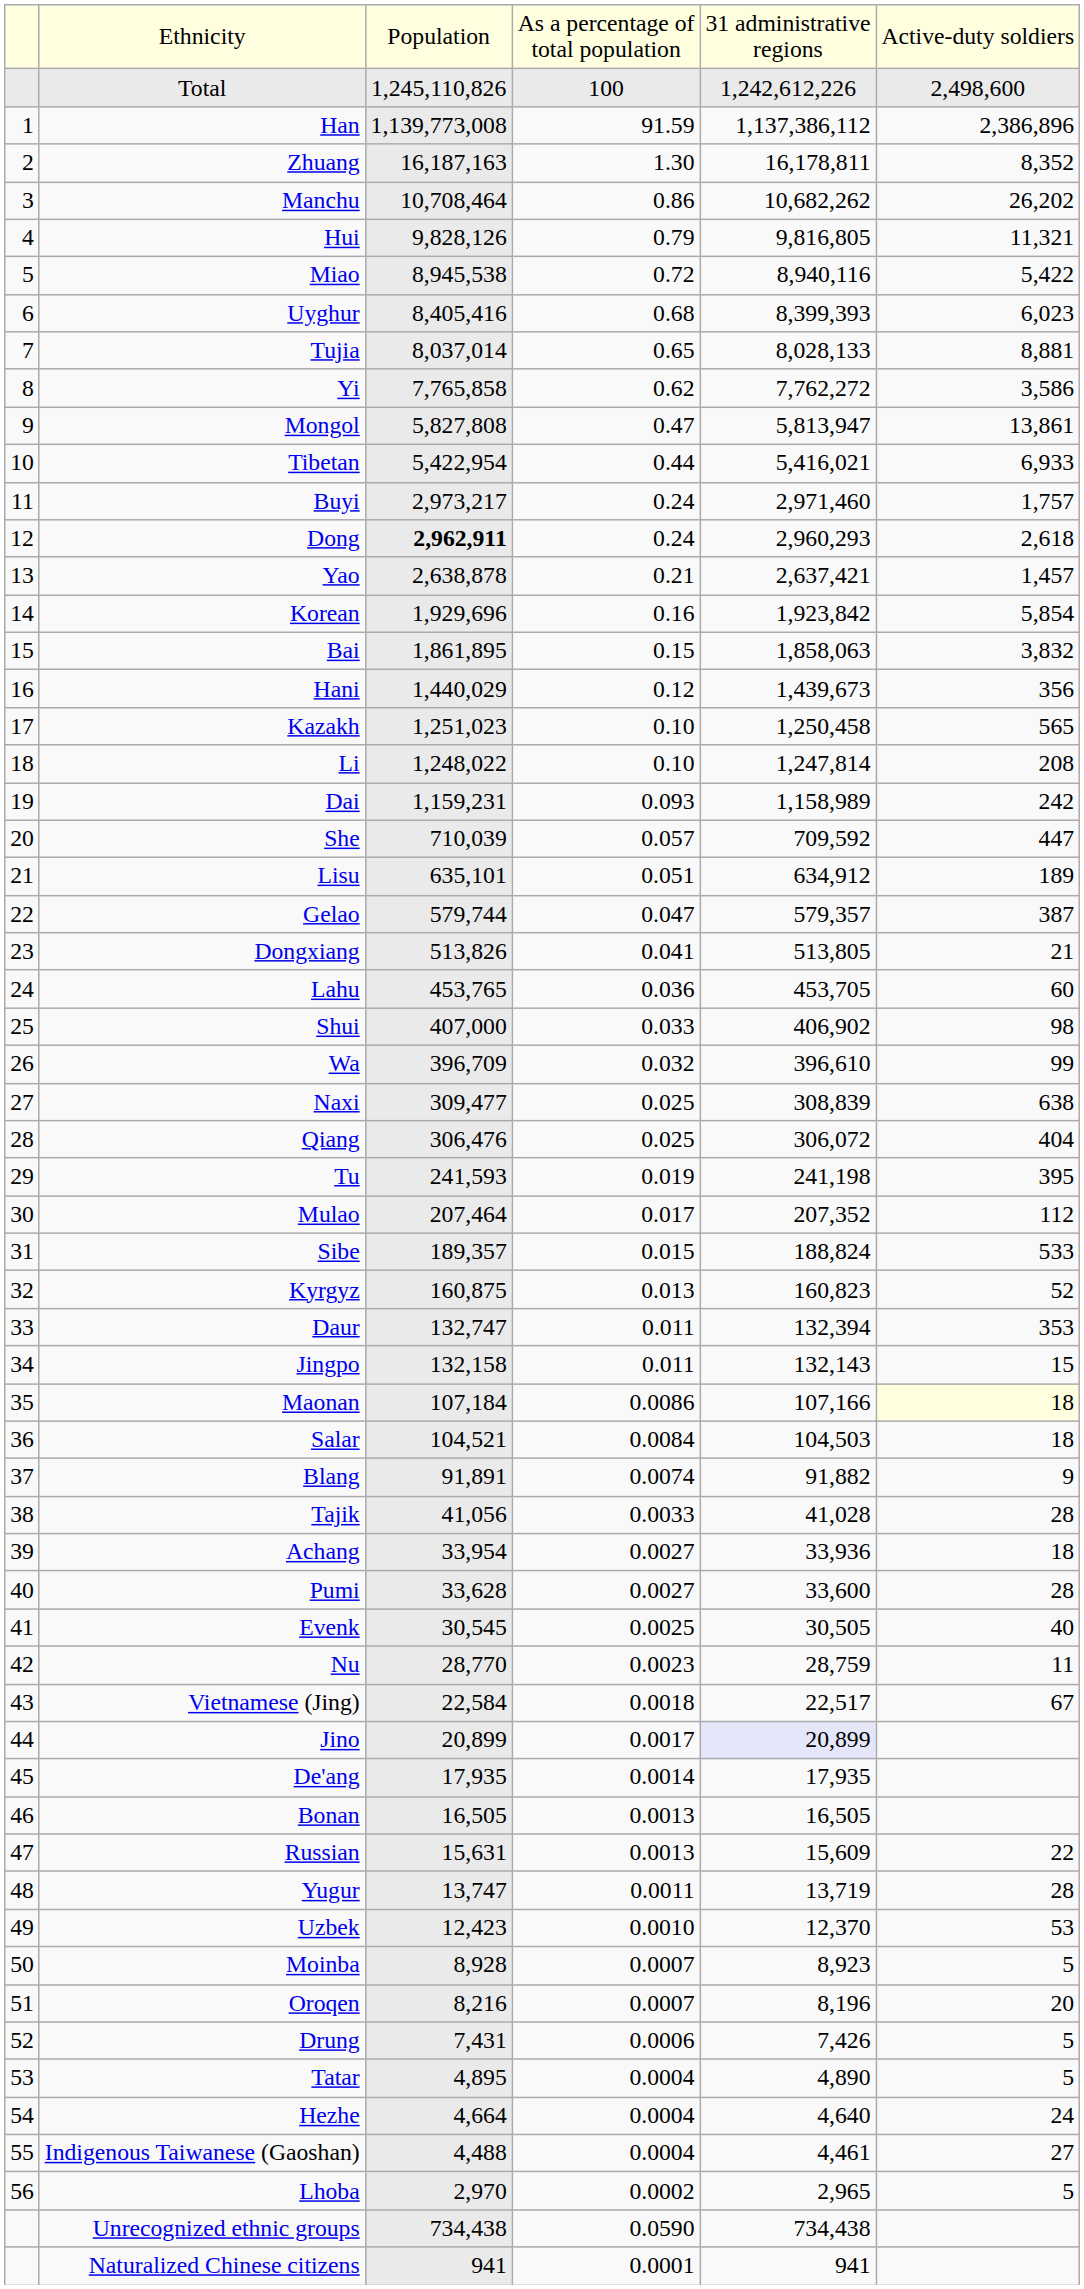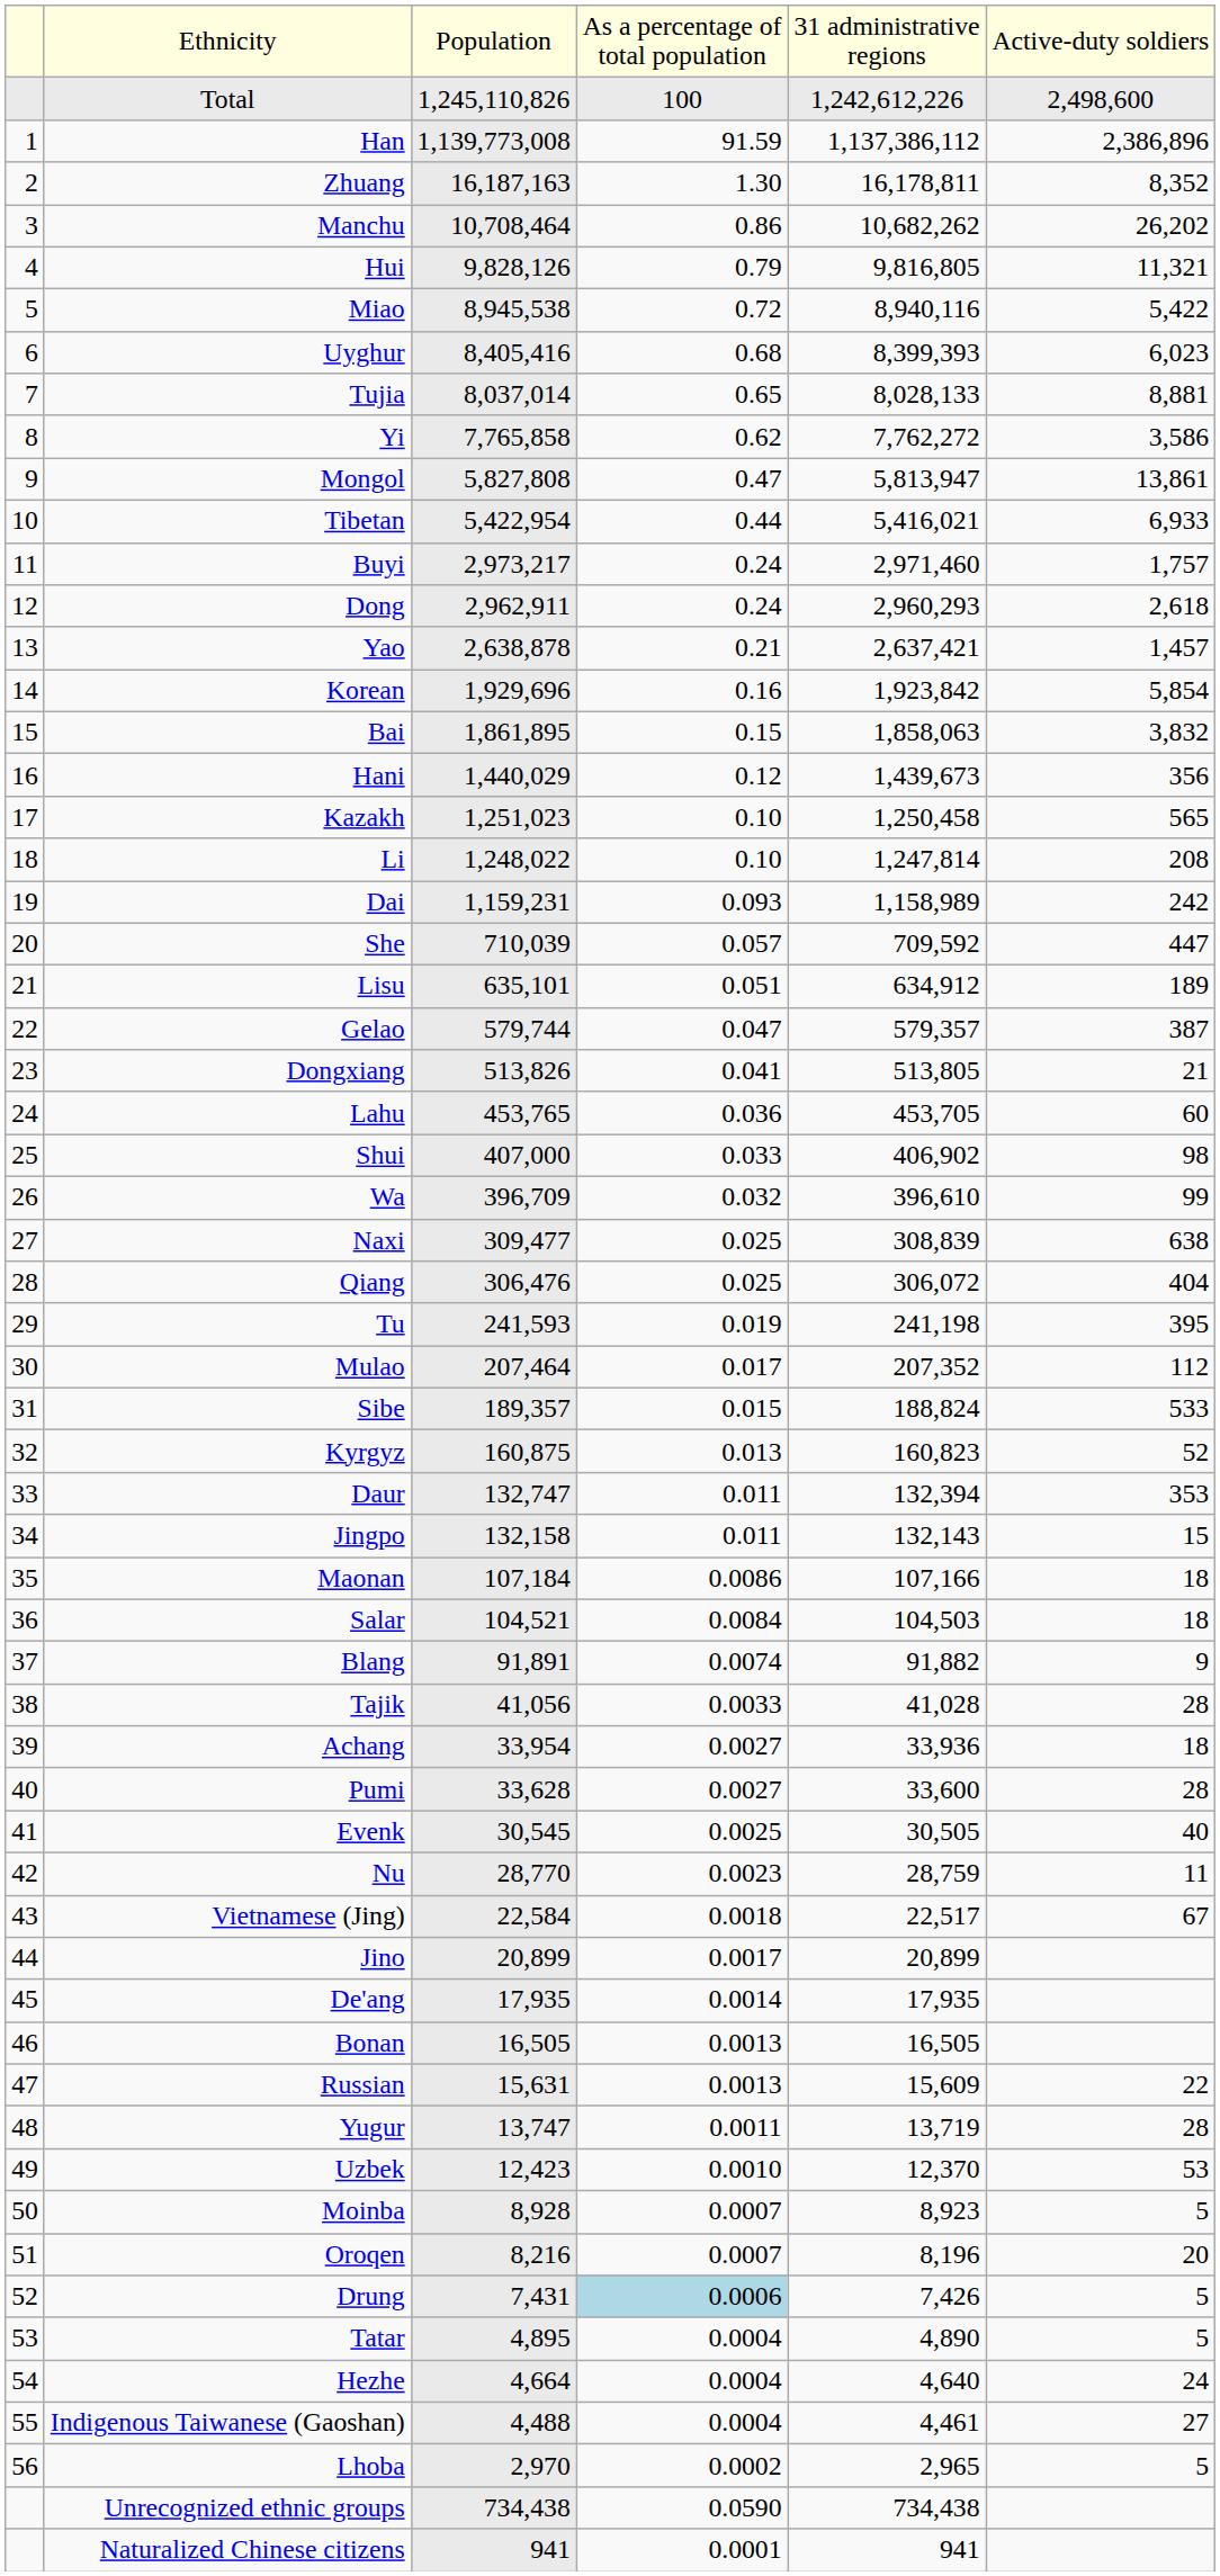 <table class="wikitable sortable mw-collapsible" font="90%">
 <tr valign=bottom bgcolor="#FFFFE0">
 <td align="center" valign="middle"><br></td>
 <td align="center" valign="middle">Ethnicity<br></td>
 <td align="center" valign="middle">Population<br></td>
 <td align="center" valign="middle">As a percentage of<br>total population<br></td>
 <td align="center" valign="middle">31 administrative<br>regions<br></td>
 <td align="center" valign="middle">Active-duty soldiers<br></td>
 </tr>
 <tr>
 <td bgcolor="#EAEAEA"></td>
 <td align="center" bgcolor="#EAEAEA">Total</td>
 <td align="center" bgcolor="#EAEAEA">1,245,110,826</td>
 <td align="center" bgcolor="#EAEAEA">100</td>
 <td align="center" bgcolor="#EAEAEA">1,242,612,226</td>
 <td align="center" bgcolor="#EAEAEA">2,498,600</td>
 </tr>
 <tr>
 <td align="right">1</td>
 <td align="right"><a href='#'>Han</a></td>
 <td align="right" bgcolor="#EAEAEA">1,139,773,008</td>
 <td align="right">91.59</td>
 <td align="right">1,137,386,112</td>
 <td align="right">2,386,896</td>
 </tr>
 <tr>
 <td align="right">2</td>
 <td align="right"><a href='#'>Zhuang</a></td>
 <td align="right" bgcolor="#EAEAEA">16,187,163</td>
 <td align="right">1.30</td>
 <td align="right">16,178,811</td>
 <td align="right">8,352</td>
 </tr>
 <tr>
 <td align="right">3</td>
 <td align="right"><a href='#'>Manchu</a></td>
 <td align="right" bgcolor="#EAEAEA">10,708,464</td>
 <td align="right">0.86</td>
 <td align="right">10,682,262</td>
 <td align="right">26,202</td>
 </tr>
 <tr>
 <td align="right">4</td>
 <td align="right"><a href='#'>Hui</a></td>
 <td align="right" bgcolor="#EAEAEA">9,828,126</td>
 <td align="right">0.79</td>
 <td align="right">9,816,805</td>
 <td align="right">11,321</td>
 </tr>
 <tr>
 <td align="right">5</td>
 <td align="right"><a href='#'>Miao</a></td>
 <td align="right" bgcolor="#EAEAEA">8,945,538</td>
 <td align="right">0.72</td>
 <td align="right">8,940,116</td>
 <td align="right">5,422</td>
 </tr>
 <tr>
 <td align="right">6</td>
 <td align="right"><a href='#'>Uyghur</a></td>
 <td align="right" bgcolor="#EAEAEA">8,405,416</td>
 <td align="right">0.68</td>
 <td align="right">8,399,393</td>
 <td align="right">6,023</td>
 </tr>
 <tr>
 <td align="right">7</td>
 <td align="right"><a href='#'>Tujia</a></td>
 <td align="right" bgcolor="#EAEAEA">8,037,014</td>
 <td align="right">0.65</td>
 <td align="right">8,028,133</td>
 <td align="right">8,881</td>
 </tr>
 <tr>
 <td align="right">8</td>
 <td align="right"><a href='#'>Yi</a></td>
 <td align="right" bgcolor="#EAEAEA">7,765,858</td>
 <td align="right">0.62</td>
 <td align="right">7,762,272</td>
 <td align="right">3,586</td>
 </tr>
 <tr>
 <td align="right">9</td>
 <td align="right"><a href='#'>Mongol</a></td>
 <td align="right" bgcolor="#EAEAEA">5,827,808</td>
 <td align="right">0.47</td>
 <td align="right">5,813,947</td>
 <td align="right">13,861</td>
 </tr>
 <tr>
 <td align="right">10</td>
 <td align="right"><a href='#'>Tibetan</a></td>
 <td align="right" bgcolor="#EAEAEA">5,422,954</td>
 <td align="right">0.44</td>
 <td align="right">5,416,021</td>
 <td align="right">6,933</td>
 </tr>
 <tr>
 <td align="right">11</td>
 <td align="right"><a href='#'>Buyi</a></td>
 <td align="right" bgcolor="#EAEAEA">2,973,217</td>
 <td align="right">0.24</td>
 <td align="right">2,971,460</td>
 <td align="right">1,757</td>
 </tr>
 <tr>
 <td align="right">12</td>
 <td align="right"><a href='#'>Dong</a></td>
-<td align="right" bgcolor="#EAEAEA"><strong>2,962,911</strong></td>
+<td align="right" bgcolor="#EAEAEA">2,962,911</td>
 <td align="right">0.24</td>
 <td align="right">2,960,293</td>
 <td align="right">2,618</td>
 </tr>
 <tr>
 <td align="right">13</td>
 <td align="right"><a href='#'>Yao</a></td>
 <td align="right" bgcolor="#EAEAEA">2,638,878</td>
 <td align="right">0.21</td>
 <td align="right">2,637,421</td>
 <td align="right">1,457</td>
 </tr>
 <tr>
 <td align="right">14</td>
 <td align="right"><a href='#'>Korean</a></td>
 <td align="right" bgcolor="#EAEAEA">1,929,696</td>
 <td align="right">0.16</td>
 <td align="right">1,923,842</td>
 <td align="right">5,854</td>
 </tr>
 <tr>
 <td align="right">15</td>
 <td align="right"><a href='#'>Bai</a></td>
 <td align="right" bgcolor="#EAEAEA">1,861,895</td>
 <td align="right">0.15</td>
 <td align="right">1,858,063</td>
 <td align="right">3,832</td>
 </tr>
 <tr>
 <td align="right">16</td>
 <td align="right"><a href='#'>Hani</a></td>
 <td align="right" bgcolor="#EAEAEA">1,440,029</td>
 <td align="right">0.12</td>
 <td align="right">1,439,673</td>
 <td align="right">356</td>
 </tr>
 <tr>
 <td align="right">17</td>
 <td align="right"><a href='#'>Kazakh</a></td>
 <td align="right" bgcolor="#EAEAEA">1,251,023</td>
 <td align="right">0.10</td>
 <td align="right">1,250,458</td>
 <td align="right">565</td>
 </tr>
 <tr>
 <td align="right">18</td>
 <td align="right"><a href='#'>Li</a></td>
 <td align="right" bgcolor="#EAEAEA">1,248,022</td>
 <td align="right">0.10</td>
 <td align="right">1,247,814</td>
 <td align="right">208</td>
 </tr>
 <tr>
 <td align="right">19</td>
 <td align="right"><a href='#'>Dai</a></td>
 <td align="right" bgcolor="#EAEAEA">1,159,231</td>
 <td align="right">0.093</td>
 <td align="right">1,158,989</td>
 <td align="right">242</td>
 </tr>
 <tr>
 <td align="right">20</td>
 <td align="right"><a href='#'>She</a></td>
 <td align="right" bgcolor="#EAEAEA">710,039</td>
 <td align="right">0.057</td>
 <td align="right">709,592</td>
 <td align="right">447</td>
 </tr>
 <tr>
 <td align="right">21</td>
 <td align="right"><a href='#'>Lisu</a></td>
 <td align="right" bgcolor="#EAEAEA">635,101</td>
 <td align="right">0.051</td>
 <td align="right">634,912</td>
 <td align="right">189</td>
 </tr>
 <tr>
 <td align="right">22</td>
 <td align="right"><a href='#'>Gelao</a></td>
 <td align="right" bgcolor="#EAEAEA">579,744</td>
 <td align="right">0.047</td>
 <td align="right">579,357</td>
 <td align="right">387</td>
 </tr>
 <tr>
 <td align="right">23</td>
 <td align="right"><a href='#'>Dongxiang</a></td>
 <td align="right" bgcolor="#EAEAEA">513,826</td>
 <td align="right">0.041</td>
 <td align="right">513,805</td>
 <td align="right">21</td>
 </tr>
 <tr>
 <td align="right">24</td>
 <td align="right"><a href='#'>Lahu</a></td>
 <td align="right" bgcolor="#EAEAEA">453,765</td>
 <td align="right">0.036</td>
 <td align="right">453,705</td>
 <td align="right">60</td>
 </tr>
 <tr>
 <td align="right">25</td>
 <td align="right"><a href='#'>Shui</a></td>
 <td align="right" bgcolor="#EAEAEA">407,000</td>
 <td align="right">0.033</td>
 <td align="right">406,902</td>
 <td align="right">98</td>
 </tr>
 <tr>
 <td align="right">26</td>
 <td align="right"><a href='#'>Wa</a></td>
 <td align="right" bgcolor="#EAEAEA">396,709</td>
 <td align="right">0.032</td>
 <td align="right">396,610</td>
 <td align="right">99</td>
 </tr>
 <tr>
 <td align="right">27</td>
 <td align="right"><a href='#'>Naxi</a></td>
 <td align="right" bgcolor="#EAEAEA">309,477</td>
 <td align="right">0.025</td>
 <td align="right">308,839</td>
 <td align="right">638</td>
 </tr>
 <tr>
 <td align="right">28</td>
 <td align="right"><a href='#'>Qiang</a></td>
 <td align="right" bgcolor="#EAEAEA">306,476</td>
 <td align="right">0.025</td>
 <td align="right">306,072</td>
 <td align="right">404</td>
 </tr>
 <tr>
 <td align="right">29</td>
 <td align="right"><a href='#'>Tu</a></td>
 <td align="right" bgcolor="#EAEAEA">241,593</td>
 <td align="right">0.019</td>
 <td align="right">241,198</td>
 <td align="right">395</td>
 </tr>
 <tr>
 <td align="right">30</td>
 <td align="right"><a href='#'>Mulao</a></td>
 <td align="right" bgcolor="#EAEAEA">207,464</td>
 <td align="right">0.017</td>
 <td align="right">207,352</td>
 <td align="right">112</td>
 </tr>
 <tr>
 <td align="right">31</td>
 <td align="right"><a href='#'>Sibe</a></td>
 <td align="right" bgcolor="#EAEAEA">189,357</td>
 <td align="right">0.015</td>
 <td align="right">188,824</td>
 <td align="right">533</td>
 </tr>
 <tr>
 <td align="right">32</td>
 <td align="right"><a href='#'>Kyrgyz</a></td>
 <td align="right" bgcolor="#EAEAEA">160,875</td>
 <td align="right">0.013</td>
 <td align="right">160,823</td>
 <td align="right">52</td>
 </tr>
 <tr>
 <td align="right">33</td>
 <td align="right"><a href='#'>Daur</a></td>
 <td align="right" bgcolor="#EAEAEA">132,747</td>
 <td align="right">0.011</td>
 <td align="right">132,394</td>
 <td align="right">353</td>
 </tr>
 <tr>
 <td align="right">34</td>
 <td align="right"><a href='#'>Jingpo</a></td>
 <td align="right" bgcolor="#EAEAEA">132,158</td>
 <td align="right">0.011</td>
 <td align="right">132,143</td>
 <td align="right">15</td>
 </tr>
 <tr>
 <td align="right">35</td>
 <td align="right"><a href='#'>Maonan</a></td>
 <td align="right" bgcolor="#EAEAEA">107,184</td>
 <td align="right">0.0086</td>
 <td align="right">107,166</td>
-<td align="right" style="background: lightyellow;">18</td>
+<td align="right">18</td>
 </tr>
 <tr>
 <td align="right">36</td>
 <td align="right"><a href='#'>Salar</a></td>
 <td align="right" bgcolor="#EAEAEA">104,521</td>
 <td align="right">0.0084</td>
 <td align="right">104,503</td>
 <td align="right">18</td>
 </tr>
 <tr>
 <td align="right">37</td>
 <td align="right"><a href='#'>Blang</a></td>
 <td align="right" bgcolor="#EAEAEA">91,891</td>
 <td align="right">0.0074</td>
 <td align="right">91,882</td>
 <td align="right">9</td>
 </tr>
 <tr>
 <td align="right">38</td>
 <td align="right"><a href='#'>Tajik</a></td>
 <td align="right" bgcolor="#EAEAEA">41,056</td>
 <td align="right">0.0033</td>
 <td align="right">41,028</td>
 <td align="right">28</td>
 </tr>
 <tr>
 <td align="right">39</td>
 <td align="right"><a href='#'>Achang</a></td>
 <td align="right" bgcolor="#EAEAEA">33,954</td>
 <td align="right">0.0027</td>
 <td align="right">33,936</td>
 <td align="right">18</td>
 </tr>
 <tr>
 <td align="right">40</td>
 <td align="right"><a href='#'>Pumi</a></td>
 <td align="right" bgcolor="#EAEAEA">33,628</td>
 <td align="right">0.0027</td>
 <td align="right">33,600</td>
 <td align="right">28</td>
 </tr>
 <tr>
 <td align="right">41</td>
 <td align="right"><a href='#'>Evenk</a></td>
 <td align="right" bgcolor="#EAEAEA">30,545</td>
 <td align="right">0.0025</td>
 <td align="right">30,505</td>
 <td align="right">40</td>
 </tr>
 <tr>
 <td align="right">42</td>
 <td align="right"><a href='#'>Nu</a></td>
 <td align="right" bgcolor="#EAEAEA">28,770</td>
 <td align="right">0.0023</td>
 <td align="right">28,759</td>
 <td align="right">11</td>
 </tr>
 <tr>
 <td align="right">43</td>
 <td align="right"><a href='#'>Vietnamese</a> (Jing)</td>
 <td align="right" bgcolor="#EAEAEA">22,584</td>
 <td align="right">0.0018</td>
 <td align="right">22,517</td>
 <td align="right">67</td>
 </tr>
 <tr>
 <td align="right">44</td>
 <td align="right"><a href='#'>Jino</a></td>
 <td align="right" bgcolor="#EAEAEA">20,899</td>
 <td align="right">0.0017</td>
-<td align="right" style="background: lavender;">20,899</td>
+<td align="right">20,899</td>
 <td align="right"></td>
 </tr>
 <tr>
 <td align="right">45</td>
 <td align="right"><a href='#'>De'ang</a></td>
 <td align="right" bgcolor="#EAEAEA">17,935</td>
 <td align="right">0.0014</td>
 <td align="right">17,935</td>
 <td align="right"></td>
 </tr>
 <tr>
 <td align="right">46</td>
 <td align="right"><a href='#'>Bonan</a></td>
 <td align="right" bgcolor="#EAEAEA">16,505</td>
 <td align="right">0.0013</td>
 <td align="right">16,505</td>
 <td align="right"></td>
 </tr>
 <tr>
 <td align="right">47</td>
 <td align="right"><a href='#'>Russian</a></td>
 <td align="right" bgcolor="#EAEAEA">15,631</td>
 <td align="right">0.0013</td>
 <td align="right">15,609</td>
 <td align="right">22</td>
 </tr>
 <tr>
 <td align="right">48</td>
 <td align="right"><a href='#'>Yugur</a></td>
 <td align="right" bgcolor="#EAEAEA">13,747</td>
 <td align="right">0.0011</td>
 <td align="right">13,719</td>
 <td align="right">28</td>
 </tr>
 <tr>
 <td align="right">49</td>
 <td align="right"><a href='#'>Uzbek</a></td>
 <td align="right" bgcolor="#EAEAEA">12,423</td>
 <td align="right">0.0010</td>
 <td align="right">12,370</td>
 <td align="right">53</td>
 </tr>
 <tr>
 <td align="right">50</td>
 <td align="right"><a href='#'>Moinba</a></td>
 <td align="right" bgcolor="#EAEAEA">8,928</td>
 <td align="right">0.0007</td>
 <td align="right">8,923</td>
 <td align="right">5</td>
 </tr>
 <tr>
 <td align="right">51</td>
 <td align="right"><a href='#'>Oroqen</a></td>
 <td align="right" bgcolor="#EAEAEA">8,216</td>
 <td align="right">0.0007</td>
 <td align="right">8,196</td>
 <td align="right">20</td>
 </tr>
 <tr>
 <td align="right">52</td>
 <td align="right"><a href='#'>Drung</a></td>
 <td align="right" bgcolor="#EAEAEA">7,431</td>
-<td align="right">0.0006</td>
+<td align="right" style="background: lightblue;">0.0006</td>
 <td align="right">7,426</td>
 <td align="right">5</td>
 </tr>
 <tr>
 <td align="right">53</td>
 <td align="right"><a href='#'>Tatar</a></td>
 <td align="right" bgcolor="#EAEAEA">4,895</td>
 <td align="right">0.0004</td>
 <td align="right">4,890</td>
 <td align="right">5</td>
 </tr>
 <tr>
 <td align="right">54</td>
 <td align="right"><a href='#'>Hezhe</a></td>
 <td align="right" bgcolor="#EAEAEA">4,664</td>
 <td align="right">0.0004</td>
 <td align="right">4,640</td>
 <td align="right">24</td>
 </tr>
 <tr>
 <td align="right">55</td>
 <td align="right"><a href='#'>Indigenous Taiwanese</a> (Gaoshan)</td>
 <td align="right" bgcolor="#EAEAEA">4,488</td>
 <td align="right">0.0004</td>
 <td align="right">4,461</td>
 <td align="right">27</td>
 </tr>
 <tr>
 <td align="right">56</td>
 <td align="right"><a href='#'>Lhoba</a></td>
 <td align="right" bgcolor="#EAEAEA">2,970</td>
 <td align="right">0.0002</td>
 <td align="right">2,965</td>
 <td align="right">5</td>
 </tr>
 <tr>
 <td align="right"></td>
 <td align="right"><a href='#'>Unrecognized ethnic groups</a></td>
 <td align="right" bgcolor="#EAEAEA">734,438</td>
 <td align="right">0.0590</td>
 <td align="right">734,438</td>
 <td align="right"></td>
 </tr>
 <tr>
 <td align="right"></td>
 <td align="right"><a href='#'>Naturalized Chinese citizens</a></td>
 <td align="right" bgcolor="#EAEAEA">941</td>
 <td align="right">0.0001</td>
 <td align="right">941</td>
 <td align="right"></td>
 </tr>
 </table>
